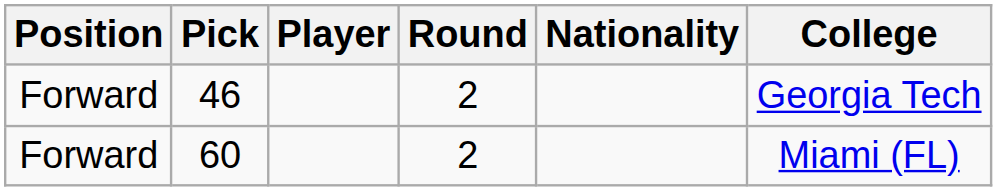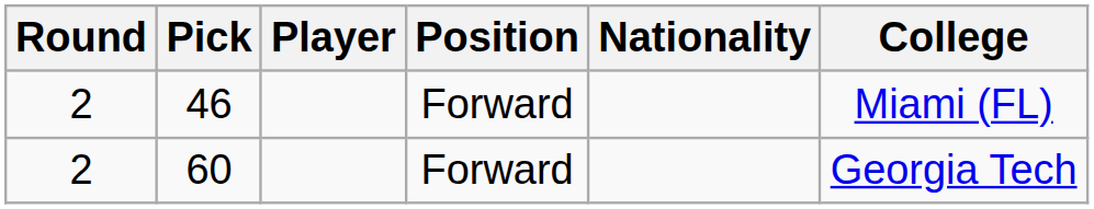 <table class="wikitable sortable sortable">
 <tr>
-<th>Position</th>
+<th>Round</th>
 <th>Pick</th>
 <th>Player</th>
-<th>Round</th>
+<th>Position</th>
 <th>Nationality</th>
 <th>College</th>
 </tr>
 <tr style="text-align: center">
-<td>Forward</td>
+<td>2</td>
 <td>46</td>
 <td></td>
+<td>Forward</td>
+<td></td>
+<td><a href='#'>Miami (FL)</a></td>
+</tr>
+<tr style="text-align: center">
 <td>2</td>
+<td>60</td>
+<td></td>
+<td>Forward</td>
 <td></td>
 <td><a href='#'>Georgia Tech</a></td>
 </tr>
-<tr style="text-align: center">
-<td>Forward</td>
-<td>60</td>
-<td></td>
-<td>2</td>
-<td></td>
-<td><a href='#'>Miami (FL)</a></td>
-</tr>
 </table>
